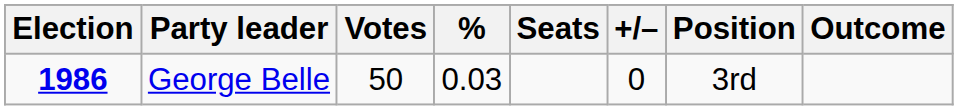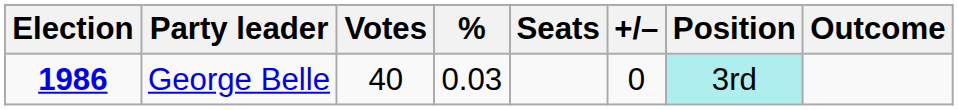 <table class="wikitable" style="text-align:center">
 <tr>
 <th>Election</th>
 <th><strong>Party leader</strong></th>
 <th>Votes</th>
 <th>%</th>
 <th>Seats</th>
 <th>+/–</th>
 <th>Position</th>
 <th><strong>Outcome</strong></th>
 </tr>
 <tr>
 <td><strong><a href='#'>1986</a></strong></td>
 <td rowspan="2"><a href='#'>George Belle</a></td>
-<td>50</td>
+<td>40</td>
 <td>0.03</td>
 <td></td>
 <td> 0</td>
-<td> 3rd</td>
+<td style="background: paleturquoise;"> 3rd</td>
 <td></td>
 </tr>
 </table>
